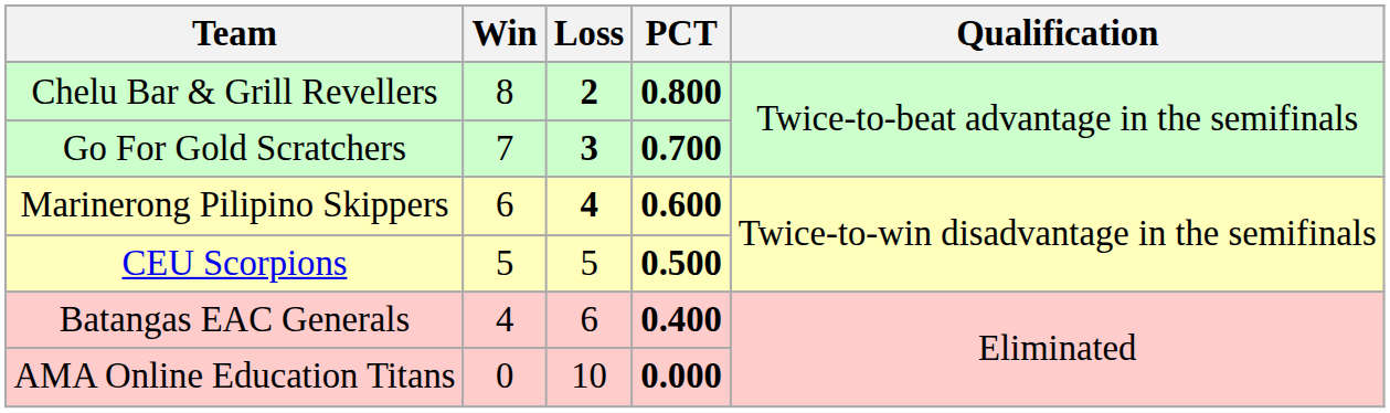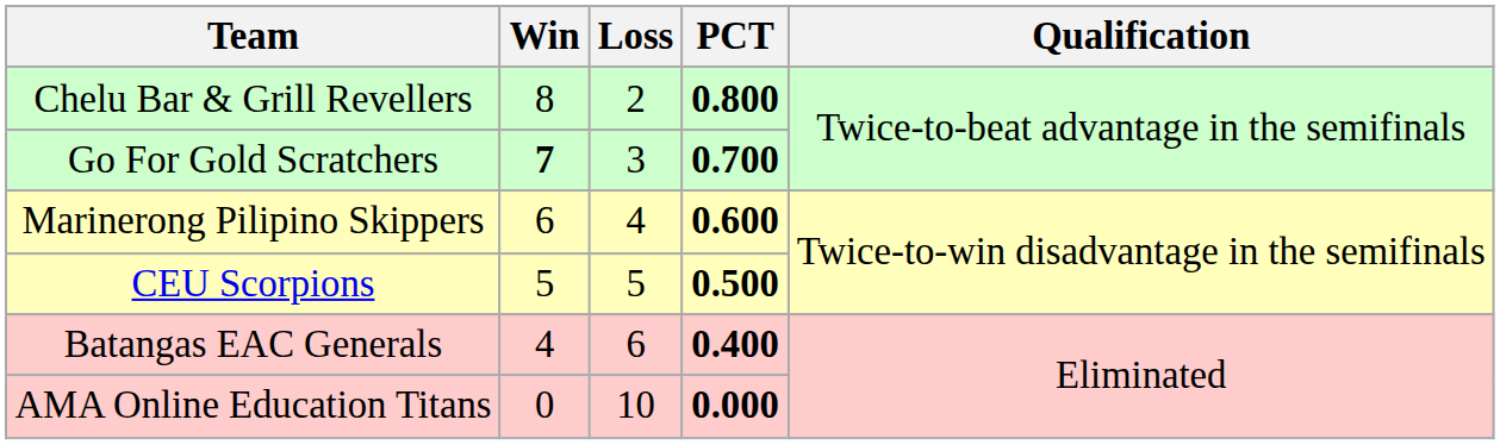 <table class="wikitable" border="1" style="text-align:center">
 <tr>
 <th>Team</th>
 <th>Win</th>
 <th>Loss</th>
 <th>PCT</th>
 <th>Qualification</th>
 </tr>
 <tr bgcolor=#ccffcc>
 <td>Chelu Bar & Grill Revellers</td>
 <td>8</td>
-<td><strong>2</strong></td>
+<td>2</td>
 <td><strong>0.800</strong></td>
 <td rowspan=2>Twice-to-beat advantage in the semifinals</td>
 </tr>
 <tr bgcolor=#ccffcc>
 <td>Go For Gold Scratchers</td>
-<td>7</td>
-<td><strong>3</strong></td>
+<td><strong>7</strong></td>
+<td>3</td>
 <td><strong>0.700</strong></td>
 </tr>
 <tr bgcolor=#ffffbb>
 <td>Marinerong Pilipino Skippers</td>
 <td>6</td>
-<td><strong>4</strong></td>
+<td>4</td>
 <td><strong>0.600</strong></td>
 <td rowspan=2>Twice-to-win disadvantage in the semifinals</td>
 </tr>
 <tr bgcolor=#ffffbb>
 <td><a href='#'>CEU Scorpions</a></td>
 <td>5</td>
 <td>5</td>
 <td><strong>0.500</strong></td>
 </tr>
 <tr bgcolor=#ffcccc>
 <td>Batangas EAC Generals</td>
 <td>4</td>
 <td>6</td>
 <td><strong>0.400</strong></td>
 <td rowspan=2>Eliminated</td>
 </tr>
 <tr bgcolor=#ffcccc>
 <td>AMA Online Education Titans</td>
 <td>0</td>
 <td>10</td>
 <td><strong>0.000</strong></td>
 </tr>
 </table>
